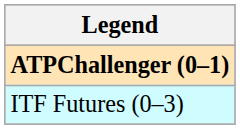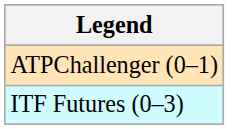 <table class=wikitable style=font-size:90%>
 <tr>
 <th>Legend</th>
 </tr>
 <tr bgcolor="moccasin">
-<td><strong>ATPChallenger (0–1)</strong></td>
+<td>ATPChallenger (0–1)</td>
 </tr>
 <tr bgcolor="CFFCFF">
 <td>ITF Futures (0–3)</td>
 </tr>
 </table>
